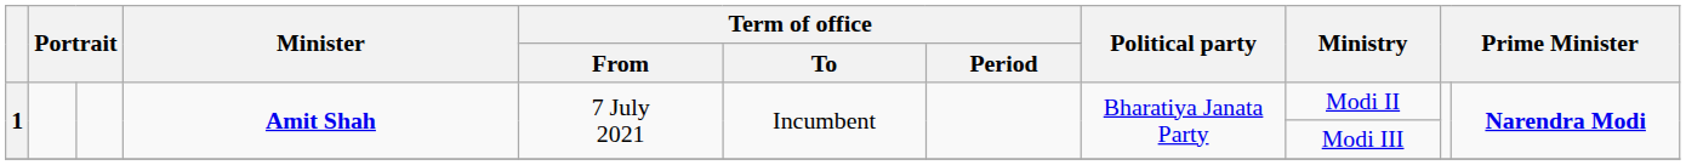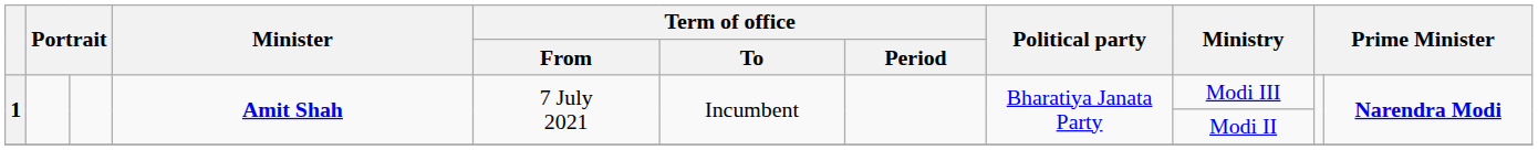 <table class="wikitable" style="text-align:center">
 <tr>
 <th rowspan="2"></th>
 <th rowspan="2" colspan="2">Portrait</th>
 <th rowspan="2" style="width:16em">Minister<br></th>
 <th colspan="3">Term of office</th>
 <th rowspan="2" style="width:8em">Political party</th>
 <th rowspan="2" style="width:6em">Ministry</th>
 <th rowspan="2" colspan="2">Prime Minister</th>
 </tr>
 <tr>
 <th style="width:8em">From</th>
 <th style="width:8em">To</th>
 <th style="width:6em">Period</th>
 </tr>
 <tr>
 <th rowspan="2">1</th>
 <td rowspan="2"></td>
 <td rowspan="2"></td>
 <td rowspan="2"><strong><a href='#'>Amit Shah</a></strong><br></td>
 <td rowspan="2">7 July<br>2021</td>
 <td rowspan="2">Incumbent</td>
 <td rowspan="2"><strong></strong></td>
 <td rowspan="2"><a href='#'>Bharatiya Janata Party</a></td>
-<td><a href='#'>Modi II</a></td>
+<td><a href='#'>Modi III</a></td>
 <td rowspan="2"></td>
 <td rowspan="2" style="width:9em"><strong><a href='#'>Narendra Modi</a></strong></td>
 </tr>
 <tr>
-<td><a href='#'>Modi III</a></td>
+<td><a href='#'>Modi II</a></td>
 </tr>
 <tr>
 </tr>
 </table>
